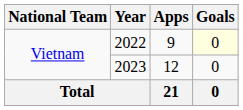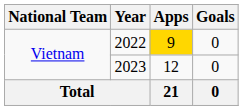 <table class="wikitable" style="text-align:center">
 <tr>
 <th>National Team</th>
 <th>Year</th>
 <th>Apps</th>
 <th>Goals</th>
 </tr>
 <tr>
 <td rowspan="2"><a href='#'>Vietnam</a></td>
 <td>2022</td>
-<td>9</td>
-<td style="background: lightyellow;">0</td>
+<td style="background: gold;">9</td>
+<td>0</td>
 </tr>
 <tr>
 <td>2023</td>
 <td>12</td>
 <td>0</td>
 </tr>
 <tr>
 <th colspan=2>Total</th>
 <th>21</th>
 <th>0</th>
 </tr>
 </table>
